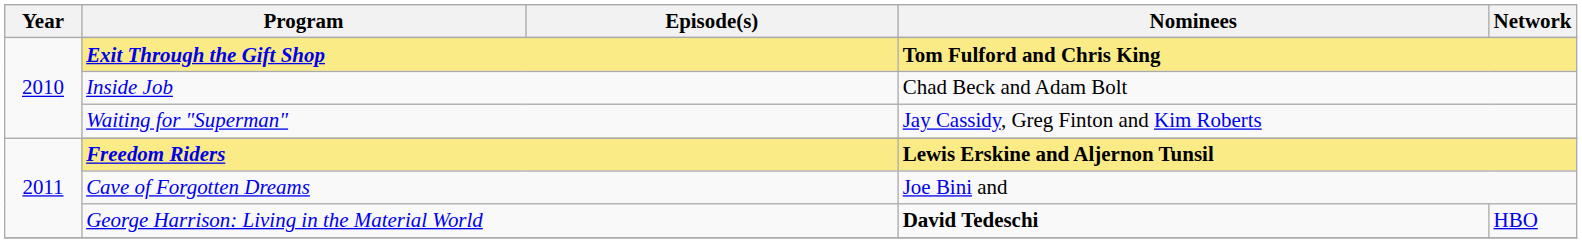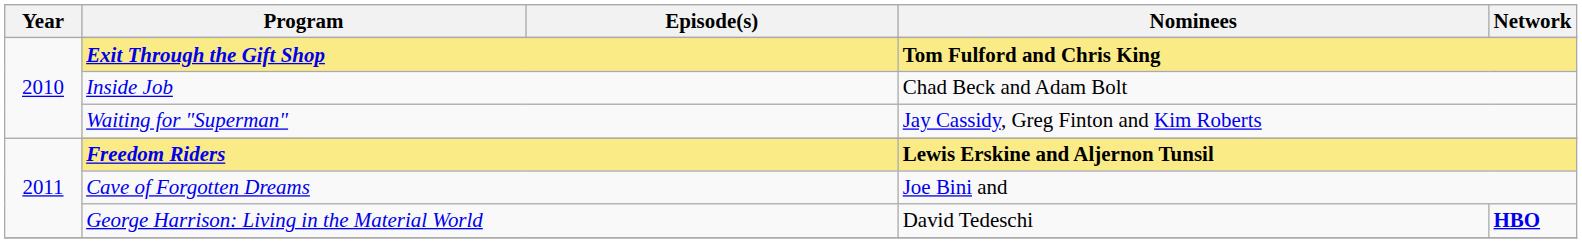 <table class="wikitable" style="width:95%">
 <tr bgcolor="#bebebe">
 <th width="5%">Year</th>
 <th width="30%">Program</th>
 <th width="25%">Episode(s)</th>
 <th width="40%">Nominees</th>
 <th width="10%">Network</th>
 </tr>
 <tr>
 <td rowspan=4 style="text-align:center"><a href='#'>2010</a><br></td>
 </tr>
 <tr style="background:#FAEB86">
 <td colspan="2"><strong><em><a href='#'>Exit Through the Gift Shop</a></em></strong></td>
 <td colspan="2"><strong>Tom Fulford and Chris King</strong></td>
 </tr>
 <tr>
 <td colspan="2"><em><a href='#'>Inside Job</a></em></td>
 <td colspan="2">Chad Beck and Adam Bolt</td>
 </tr>
 <tr>
 <td colspan="2"><em><a href='#'>Waiting for "Superman"</a></em></td>
 <td colspan="2"><a href='#'>Jay Cassidy</a>, Greg Finton and <a href='#'>Kim Roberts</a></td>
 </tr>
 <tr>
 <td rowspan=4 style="text-align:center"><a href='#'>2011</a><br></td>
 </tr>
 <tr style="background:#FAEB86">
 <td colspan="2"><strong><em><a href='#'>Freedom Riders</a></em></strong></td>
 <td colspan="2"><strong>Lewis Erskine and Aljernon Tunsil</strong></td>
 </tr>
 <tr>
 <td colspan="2"><em><a href='#'>Cave of Forgotten Dreams</a></em></td>
 <td colspan="2"><a href='#'>Joe Bini</a> and</td>
 </tr>
 <tr>
 <td colspan="2"><em><a href='#'>George Harrison: Living in the Material World</a></em></td>
-<td><strong>David Tedeschi</strong></td>
-<td><a href='#'>HBO</a></td>
+<td>David Tedeschi</td>
+<td><strong><a href='#'>HBO</a></strong></td>
 </tr>
 <tr>
 </tr>
 </table>
